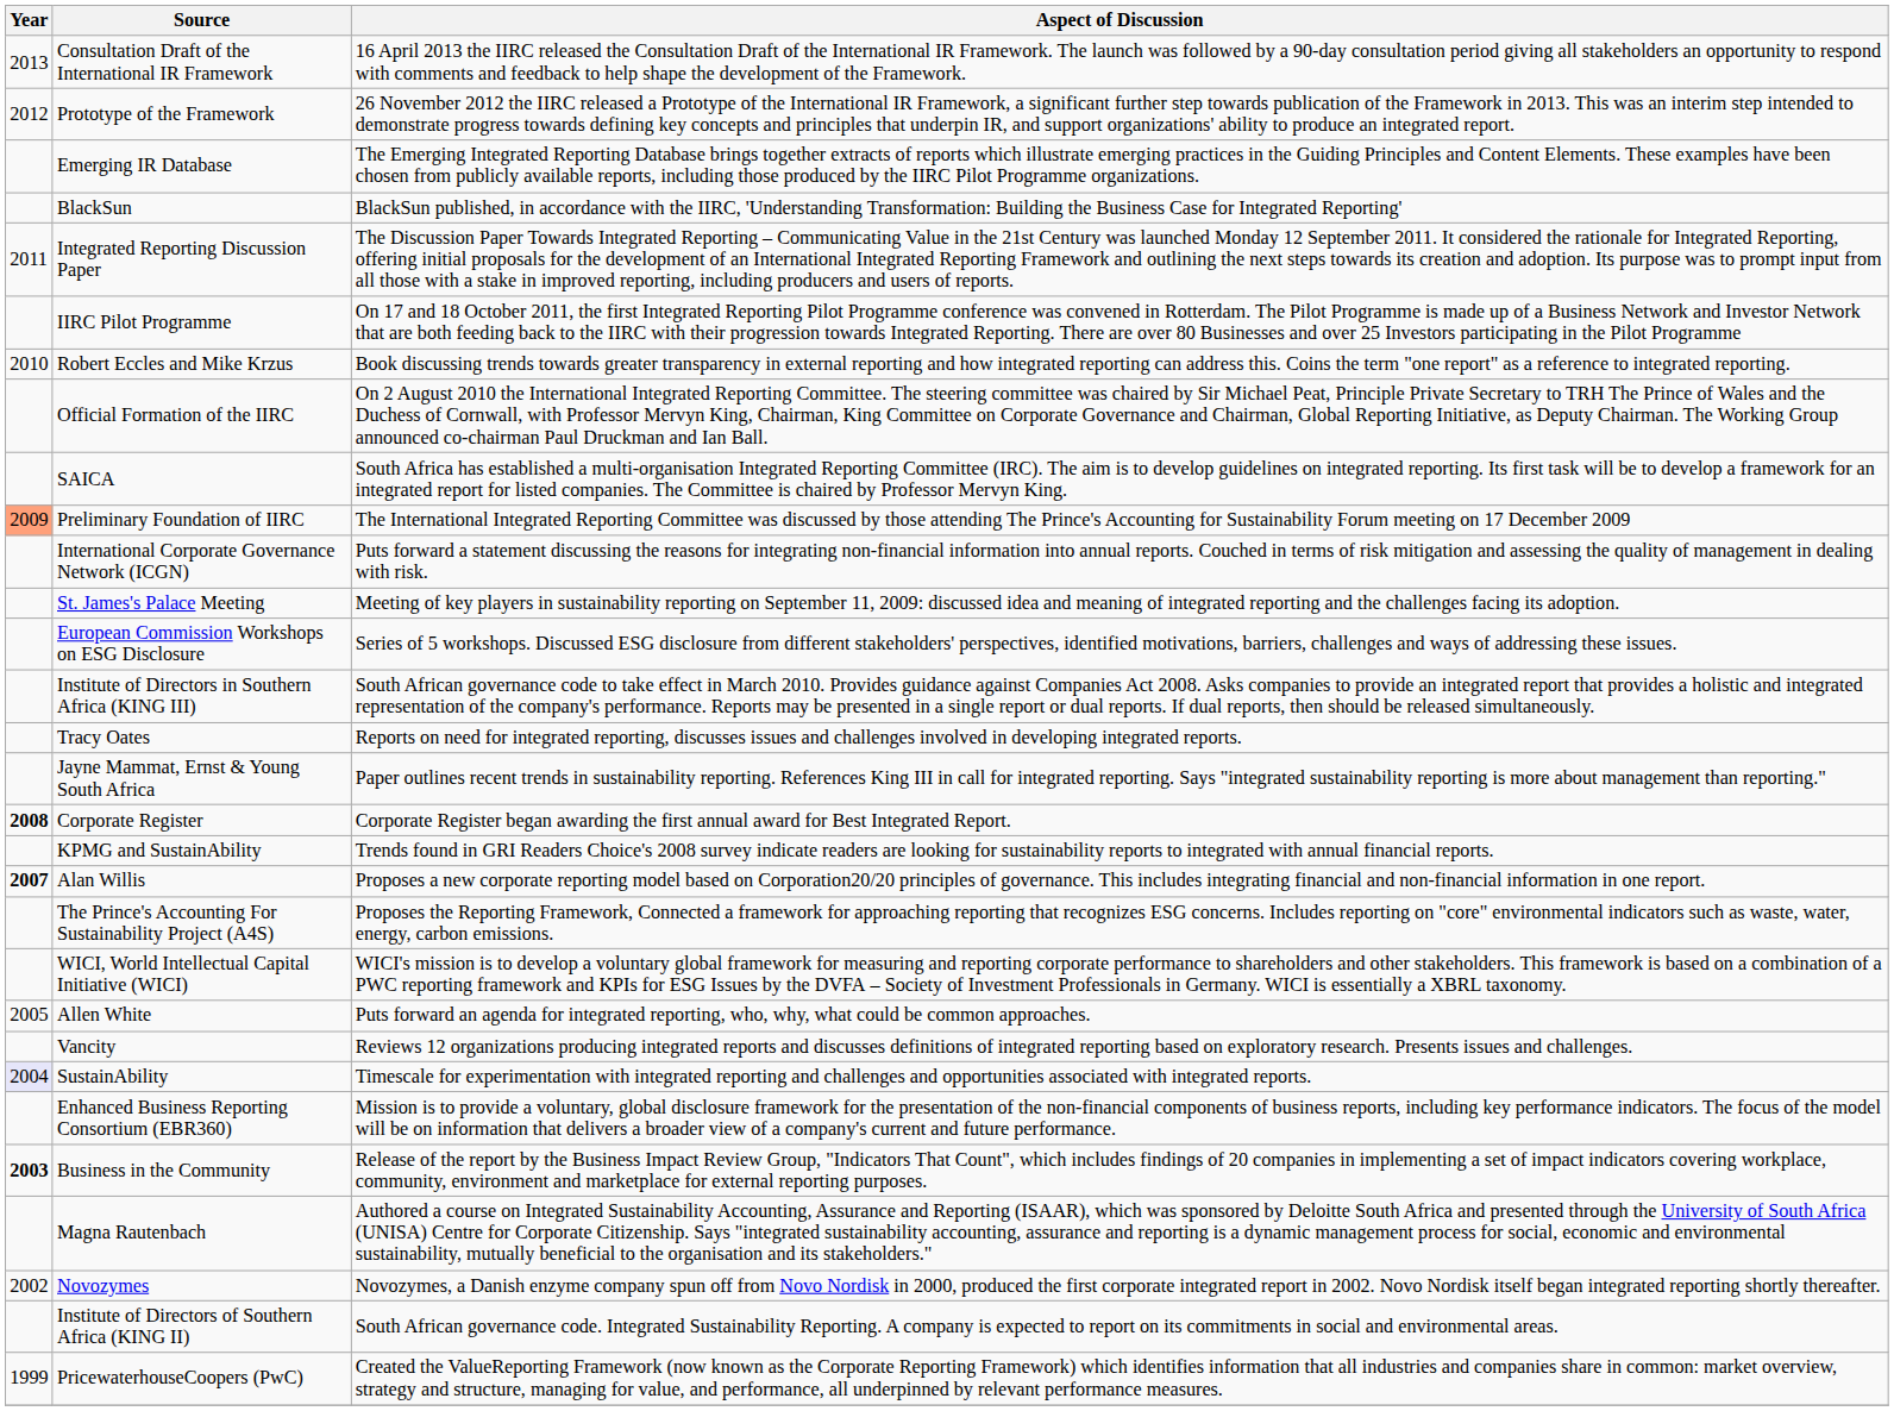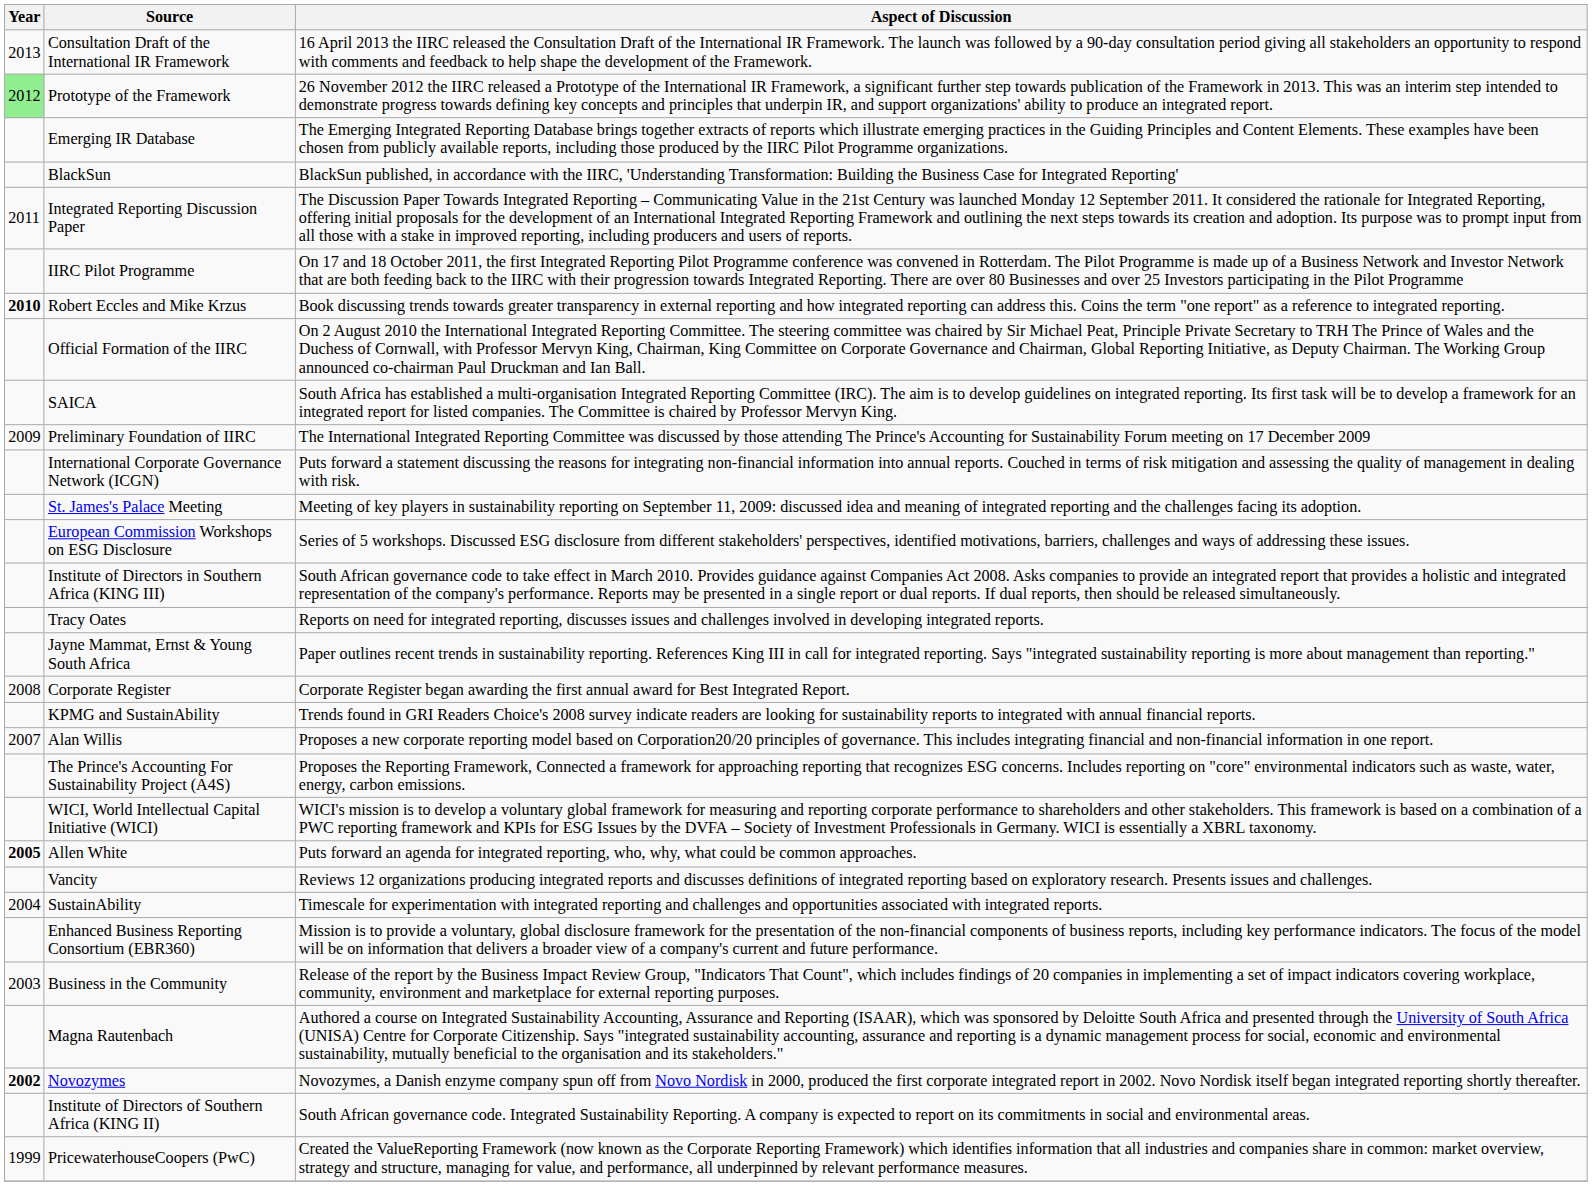 <table class="wikitable sortable">
 <tr>
 <th>Year</th>
 <th>Source</th>
 <th class="unsortable">Aspect of Discussion</th>
 </tr>
 <tr>
 <td>2013</td>
 <td>Consultation Draft of the International IR Framework</td>
 <td>16 April 2013 the IIRC released the Consultation Draft of the International IR Framework. The launch was followed by a 90-day consultation period giving all stakeholders an opportunity to respond with comments and feedback to help shape the development of the Framework.</td>
 </tr>
 <tr>
-<td>2012</td>
+<td style="background: lightgreen;">2012</td>
 <td>Prototype of the Framework</td>
 <td>26 November 2012 the IIRC released a Prototype of the International IR Framework, a significant further step towards publication of the Framework in 2013. This was an interim step intended to demonstrate progress towards defining key concepts and principles that underpin IR, and support organizations' ability to produce an integrated report.</td>
 </tr>
 <tr>
 <td></td>
 <td>Emerging IR Database</td>
 <td>The Emerging Integrated Reporting Database brings together extracts of reports which illustrate emerging practices in the Guiding Principles and Content Elements. These examples have been chosen from publicly available reports, including those produced by the IIRC Pilot Programme organizations.</td>
 </tr>
 <tr>
 <td></td>
 <td>BlackSun</td>
 <td>BlackSun published, in accordance with the IIRC, 'Understanding Transformation: Building the Business Case for Integrated Reporting'</td>
 </tr>
 <tr>
 <td>2011</td>
 <td>Integrated Reporting Discussion Paper</td>
 <td>The Discussion Paper Towards Integrated Reporting – Communicating Value in the 21st Century was launched Monday 12 September 2011. It considered the rationale for Integrated Reporting, offering initial proposals for the development of an International Integrated Reporting Framework and outlining the next steps towards its creation and adoption. Its purpose was to prompt input from all those with a stake in improved reporting, including producers and users of reports.</td>
 </tr>
 <tr>
 <td></td>
 <td>IIRC Pilot Programme</td>
 <td>On 17 and 18 October 2011, the first Integrated Reporting Pilot Programme conference was convened in Rotterdam. The Pilot Programme is made up of a Business Network and Investor Network that are both feeding back to the IIRC with their progression towards Integrated Reporting. There are over 80 Businesses and over 25 Investors participating in the Pilot Programme</td>
 </tr>
 <tr>
-<td>2010</td>
+<td><strong>2010</strong></td>
 <td>Robert Eccles and Mike Krzus</td>
 <td>Book discussing trends towards greater transparency in external reporting and how integrated reporting can address this. Coins the term "one report" as a reference to integrated reporting.</td>
 </tr>
 <tr>
 <td></td>
 <td>Official Formation of the IIRC</td>
 <td>On 2 August 2010 the International Integrated Reporting Committee. The steering committee was chaired by Sir Michael Peat, Principle Private Secretary to TRH The Prince of Wales and the Duchess of Cornwall, with Professor Mervyn King, Chairman, King Committee on Corporate Governance and Chairman, Global Reporting Initiative, as Deputy Chairman. The Working Group announced co-chairman Paul Druckman and Ian Ball.</td>
 </tr>
 <tr>
 <td></td>
 <td>SAICA</td>
 <td>South Africa has established a multi-organisation Integrated Reporting Committee (IRC). The aim is to develop guidelines on integrated reporting. Its first task will be to develop a framework for an integrated report for listed companies. The Committee is chaired by Professor Mervyn King.</td>
 </tr>
 <tr>
-<td style="background: lightsalmon;">2009</td>
+<td>2009</td>
 <td>Preliminary Foundation of IIRC</td>
 <td>The International Integrated Reporting Committee was discussed by those attending The Prince's Accounting for Sustainability Forum meeting on 17 December 2009</td>
 </tr>
 <tr>
 <td></td>
 <td>International Corporate Governance Network (ICGN)</td>
 <td>Puts forward a statement discussing the reasons for integrating non-financial information into annual reports. Couched in terms of risk mitigation and assessing the quality of management in dealing with risk.</td>
 </tr>
 <tr>
 <td></td>
 <td><a href='#'>St. James's Palace</a> Meeting</td>
 <td>Meeting of key players in sustainability reporting on September 11, 2009: discussed idea and meaning of integrated reporting and the challenges facing its adoption.</td>
 </tr>
 <tr>
 <td></td>
 <td><a href='#'>European Commission</a> Workshops on ESG Disclosure</td>
 <td>Series of 5 workshops. Discussed ESG disclosure from different stakeholders' perspectives, identified motivations, barriers, challenges and ways of addressing these issues.</td>
 </tr>
 <tr>
 <td></td>
 <td>Institute of Directors in Southern Africa (KING III)</td>
 <td>South African governance code to take effect in March 2010. Provides guidance against Companies Act 2008. Asks companies to provide an integrated report that provides a holistic and integrated representation of the company's performance. Reports may be presented in a single report or dual reports. If dual reports, then should be released simultaneously.</td>
 </tr>
 <tr>
 <td></td>
 <td>Tracy Oates</td>
 <td>Reports on need for integrated reporting, discusses issues and challenges involved in developing integrated reports.</td>
 </tr>
 <tr>
 <td></td>
 <td>Jayne Mammat, Ernst & Young South Africa</td>
 <td>Paper outlines recent trends in sustainability reporting. References King III in call for integrated reporting. Says "integrated sustainability reporting is more about management than reporting."</td>
 </tr>
 <tr>
-<td><strong>2008</strong></td>
+<td>2008</td>
 <td>Corporate Register</td>
 <td>Corporate Register began awarding the first annual award for Best Integrated Report.</td>
 </tr>
 <tr>
 <td></td>
 <td>KPMG and SustainAbility</td>
 <td>Trends found in GRI Readers Choice's 2008 survey indicate readers are looking for sustainability reports to integrated with annual financial reports.</td>
 </tr>
 <tr>
-<td><strong>2007</strong></td>
+<td>2007</td>
 <td>Alan Willis</td>
 <td>Proposes a new corporate reporting model based on Corporation20/20 principles of governance. This includes integrating financial and non-financial information in one report.</td>
 </tr>
 <tr>
 <td></td>
 <td>The Prince's Accounting For Sustainability Project (A4S)</td>
 <td>Proposes the Reporting Framework, Connected a framework for approaching reporting that recognizes ESG concerns. Includes reporting on "core" environmental indicators such as waste, water, energy, carbon emissions.</td>
 </tr>
 <tr>
 <td></td>
 <td>WICI, World Intellectual Capital Initiative (WICI)</td>
 <td>WICI's mission is to develop a voluntary global framework for measuring and reporting corporate performance to shareholders and other stakeholders.  This framework is based on a combination of a PWC reporting framework and KPIs for ESG Issues by the DVFA – Society of Investment Professionals in Germany. WICI is essentially a XBRL taxonomy.</td>
 </tr>
 <tr>
-<td>2005</td>
+<td><strong>2005</strong></td>
 <td>Allen White</td>
 <td>Puts forward an agenda for integrated reporting, who, why, what could be common approaches.</td>
 </tr>
 <tr>
 <td></td>
 <td>Vancity</td>
 <td>Reviews 12 organizations producing integrated reports and discusses definitions of integrated reporting based on exploratory research. Presents issues and challenges.</td>
 </tr>
 <tr>
-<td style="background: lavender;">2004</td>
+<td>2004</td>
 <td>SustainAbility</td>
 <td>Timescale for experimentation with integrated reporting and challenges and opportunities associated with integrated reports.</td>
 </tr>
 <tr>
 <td></td>
 <td>Enhanced Business Reporting Consortium (EBR360)</td>
 <td>Mission is to provide a voluntary, global disclosure framework for the presentation of the non-financial components of business reports, including key performance indicators. The focus of the model will be on information that delivers a broader view of a company's current and future performance.</td>
 </tr>
 <tr>
-<td><strong>2003</strong></td>
+<td>2003</td>
 <td>Business in the Community</td>
 <td>Release of the report by the Business Impact Review Group, "Indicators That Count", which includes findings of 20 companies in implementing a set of  impact indicators covering workplace, community, environment and marketplace for external reporting purposes.</td>
 </tr>
 <tr>
 <td></td>
 <td>Magna Rautenbach</td>
 <td>Authored a course on Integrated Sustainability Accounting, Assurance and Reporting (ISAAR), which was sponsored by Deloitte South Africa and presented through the <a href='#'>University of South Africa</a> (UNISA) Centre for Corporate Citizenship. Says "integrated sustainability accounting, assurance and reporting is a dynamic management process for social, economic and environmental sustainability, mutually beneficial to the organisation and its stakeholders."</td>
 </tr>
 <tr>
-<td>2002</td>
+<td><strong>2002</strong></td>
 <td><a href='#'>Novozymes</a></td>
 <td>Novozymes, a Danish enzyme company spun off from <a href='#'>Novo Nordisk</a> in 2000, produced the first corporate integrated report in 2002. Novo Nordisk itself began integrated reporting shortly thereafter.</td>
 </tr>
 <tr>
 <td></td>
 <td>Institute of Directors of Southern Africa (KING II)</td>
 <td>South African governance code. Integrated Sustainability Reporting. A company is expected to report on its commitments in social and environmental areas.</td>
 </tr>
 <tr>
 <td>1999</td>
 <td>PricewaterhouseCoopers (PwC)</td>
 <td>Created the ValueReporting Framework (now known as the Corporate Reporting Framework) which identifies information that all industries and companies share in common: market overview, strategy and structure, managing for value, and performance, all underpinned by relevant performance measures.</td>
 </tr>
 <tr>
 </tr>
 </table>
